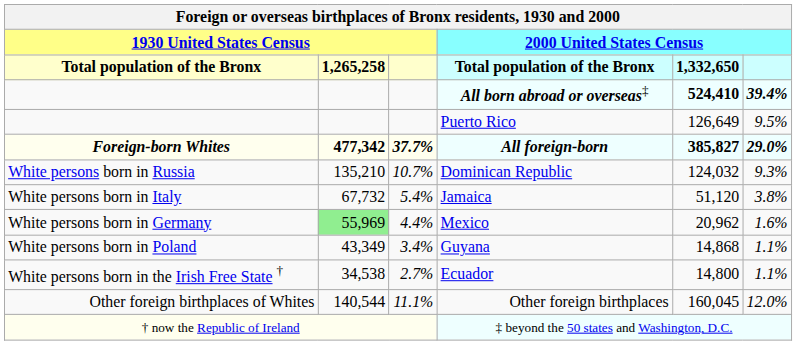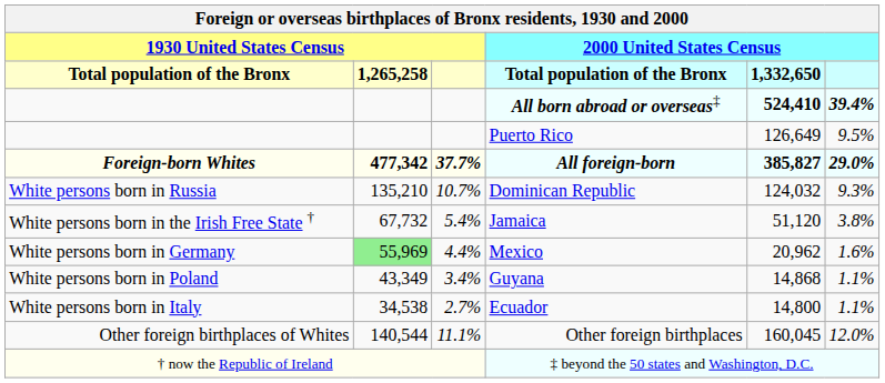 <table class="wikitable" style="text-align:right; width:90%; fontsize:90%">
 <tr>
 <th colspan="6">Foreign or overseas birthplaces of Bronx residents, 1930 and 2000</th>
 </tr>
 <tr style="text-align:center;">
 <td colspan="3" style="background:#ffff88;"><strong><a href='#'>1930 United States Census</a></strong></td>
 <td colspan="3" style="text-align:center; background:#88ffff;"><strong><a href='#'>2000 United States Census</a></strong></td>
 </tr>
 <tr style="background:#ffc;">
 <td style="width:40%; text-align:center;"><strong>Total population of the Bronx</strong></td>
 <td style="width:5%;"><strong>1,265,258</strong></td>
 <td style="width:5%;"> </td>
 <td style="text-align:center; width:30%; background:#cff;"><strong>Total population of the Bronx</strong></td>
 <td style="width:5%; background:#cff;"><strong>1,332,650</strong></td>
 <td style="width:5%; background:#cff;"> </td>
 </tr>
 <tr>
 <td> </td>
 <td> </td>
 <td> </td>
 <td style="text-align:center; background:#eff;"><strong><em>All born abroad or overseas</em></strong><sup>‡</sup></td>
 <td style="background:#eff;"><strong>524,410</strong></td>
 <td style="background:#eff;"><strong><em>39.4%</em></strong></td>
 </tr>
 <tr>
 <td> </td>
 <td> </td>
 <td> </td>
 <td style="text-align:left;"><a href='#'>Puerto Rico</a></td>
 <td>126,649</td>
 <td><em>9.5%</em></td>
 </tr>
 <tr style="background:#ffe;">
 <td style="text-align:center;"><strong><em>Foreign-born Whites</em></strong></td>
 <td><strong>477,342</strong></td>
 <td><strong><em>37.7%</em></strong></td>
 <td style="text-align:center; background:#eff;"><strong><em>All foreign-born</em></strong></td>
 <td style="background:#eff;"><strong>385,827</strong></td>
 <td style="background:#eff;"><strong><em>29.0%</em></strong></td>
 </tr>
 <tr>
 <td style="text-align:left;"><a href='#'>White persons</a> born in <a href='#'>Russia</a></td>
 <td>135,210</td>
 <td><em>10.7%</em></td>
 <td align="left"><a href='#'>Dominican Republic</a></td>
 <td>124,032</td>
 <td><em>9.3%</em></td>
 </tr>
 <tr>
-<td style="text-align:left;">White persons born in <a href='#'>Italy</a></td>
+<td style="text-align:left;">White persons born in the <a href='#'>Irish Free State</a> <sup>†</sup></td>
 <td>67,732</td>
 <td><em>5.4%</em></td>
 <td align="left"><a href='#'>Jamaica</a></td>
 <td>51,120</td>
 <td><em>3.8%</em></td>
 </tr>
 <tr>
 <td style="text-align:left;">White persons born in <a href='#'>Germany</a></td>
 <td style="background: lightgreen;">55,969</td>
 <td><em>4.4%</em></td>
 <td align="left"><a href='#'>Mexico</a></td>
 <td>20,962</td>
 <td><em>1.6%</em></td>
 </tr>
 <tr>
 <td style="text-align:left;">White persons born in <a href='#'>Poland</a></td>
 <td>43,349</td>
 <td><em>3.4%</em></td>
 <td align="left"><a href='#'>Guyana</a></td>
 <td>14,868</td>
 <td><em>1.1%</em></td>
 </tr>
 <tr>
-<td style="text-align:left;">White persons born in the <a href='#'>Irish Free State</a> <sup>†</sup></td>
+<td style="text-align:left;">White persons born in <a href='#'>Italy</a></td>
 <td>34,538</td>
 <td><em>2.7%</em></td>
 <td align="left"><a href='#'>Ecuador</a></td>
 <td>14,800</td>
 <td><em>1.1%</em></td>
 </tr>
 <tr>
 <td>Other foreign birthplaces of Whites</td>
 <td>140,544</td>
 <td><em>11.1%</em></td>
 <td>Other foreign birthplaces</td>
 <td>160,045</td>
 <td><em>12.0%</em></td>
 </tr>
 <tr style="text-align:center;">
 <td colspan="3" style="background:#ffe;"><small>† now the <a href='#'>Republic of Ireland</a></small></td>
 <td colspan="3" style="text-align:center; background:#eff;"><small> ‡ beyond the <a href='#'>50 states</a> and <a href='#'>Washington, D.C.</a></small></td>
 </tr>
 </table>
